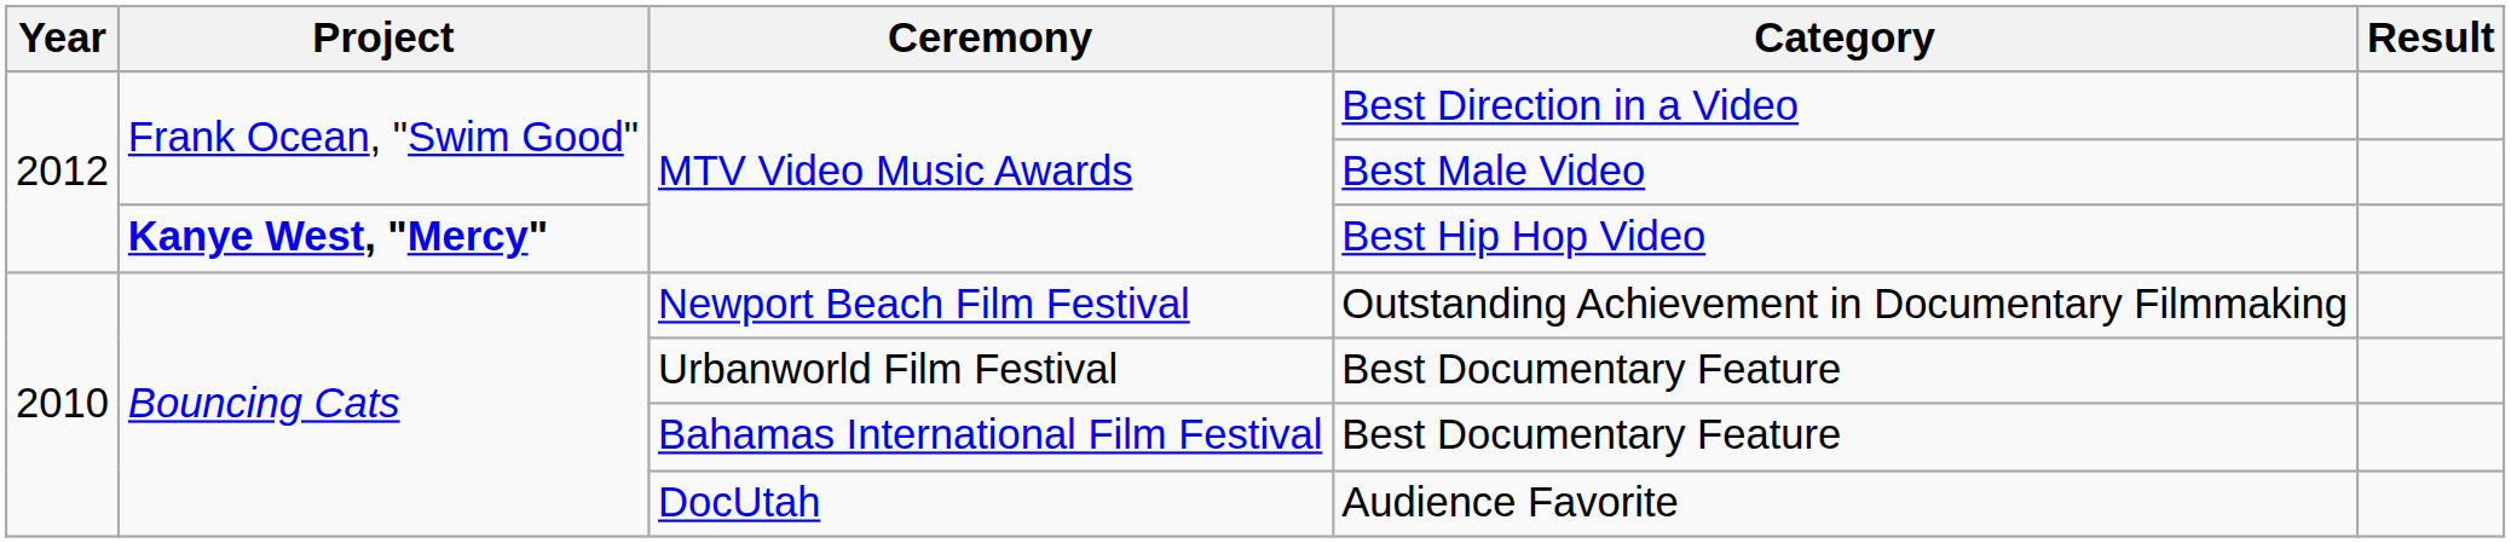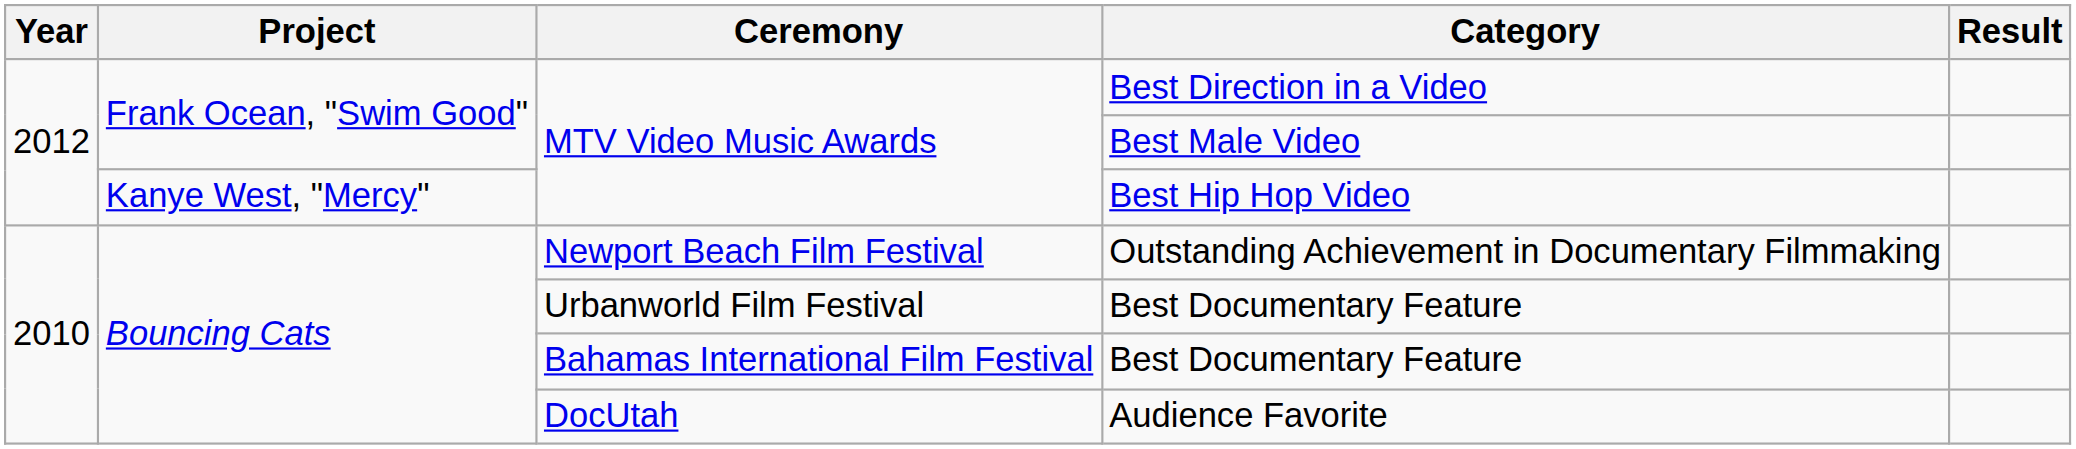 <table class="wikitable">
 <tr>
 <th>Year</th>
 <th>Project</th>
 <th>Ceremony</th>
 <th>Category</th>
 <th>Result</th>
 </tr>
 <tr>
 <td rowspan="3">2012</td>
 <td rowspan="2"><a href='#'>Frank Ocean</a>, "<a href='#'>Swim Good</a>"</td>
 <td rowspan="3"><a href='#'>MTV Video Music Awards</a></td>
 <td><a href='#'>Best Direction in a Video</a></td>
 <td></td>
 </tr>
 <tr>
 <td><a href='#'>Best Male Video</a></td>
 <td></td>
 </tr>
 <tr>
-<td><strong><a href='#'>Kanye West</a>, "<a href='#'>Mercy</a>"</strong></td>
+<td><a href='#'>Kanye West</a>, "<a href='#'>Mercy</a>"</td>
 <td><a href='#'>Best Hip Hop Video</a></td>
 <td></td>
 </tr>
 <tr>
 <td rowspan="4">2010</td>
 <td rowspan="4"><em><a href='#'>Bouncing Cats</a></em></td>
 <td><a href='#'>Newport Beach Film Festival</a></td>
 <td>Outstanding Achievement in Documentary Filmmaking</td>
 <td></td>
 </tr>
 <tr>
 <td>Urbanworld Film Festival</td>
 <td>Best Documentary Feature</td>
 <td></td>
 </tr>
 <tr>
 <td><a href='#'>Bahamas International Film Festival</a></td>
 <td>Best Documentary Feature</td>
 <td></td>
 </tr>
 <tr>
 <td><a href='#'>DocUtah</a></td>
 <td>Audience Favorite</td>
 <td></td>
 </tr>
 </table>
